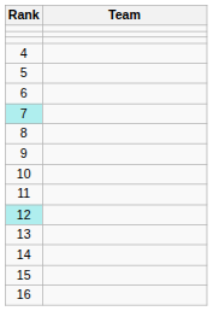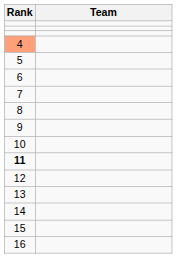 <table class="wikitable" style="text-align: center;">
 <tr>
 <th width=>Rank</th>
 <th width=200>Team</th>
 </tr>
 <tr>
 <td></td>
 <td align="left"></td>
 </tr>
 <tr>
 <td></td>
 <td align="left"></td>
 </tr>
 <tr>
 <td></td>
 <td align="left"></td>
 </tr>
 <tr>
-<td>4</td>
+<td style="background: lightsalmon;">4</td>
 <td align="left"></td>
 </tr>
 <tr>
 <td>5</td>
 <td align="left"></td>
 </tr>
 <tr>
 <td>6</td>
 <td align="left"></td>
 </tr>
 <tr>
-<td style="background: paleturquoise;">7</td>
+<td>7</td>
 <td align="left"></td>
 </tr>
 <tr>
 <td>8</td>
 <td align="left"></td>
 </tr>
 <tr>
 <td>9</td>
 <td align="left"></td>
 </tr>
 <tr>
 <td>10</td>
 <td align="left"></td>
 </tr>
 <tr>
-<td>11</td>
+<td><strong>11</strong></td>
 <td align="left"></td>
 </tr>
 <tr>
-<td style="background: paleturquoise;">12</td>
+<td>12</td>
 <td align="left"></td>
 </tr>
 <tr>
 <td>13</td>
 <td align="left"></td>
 </tr>
 <tr>
 <td>14</td>
 <td align="left"></td>
 </tr>
 <tr>
 <td>15</td>
 <td align="left"></td>
 </tr>
 <tr>
 <td>16</td>
 <td align="left"></td>
 </tr>
 </table>
